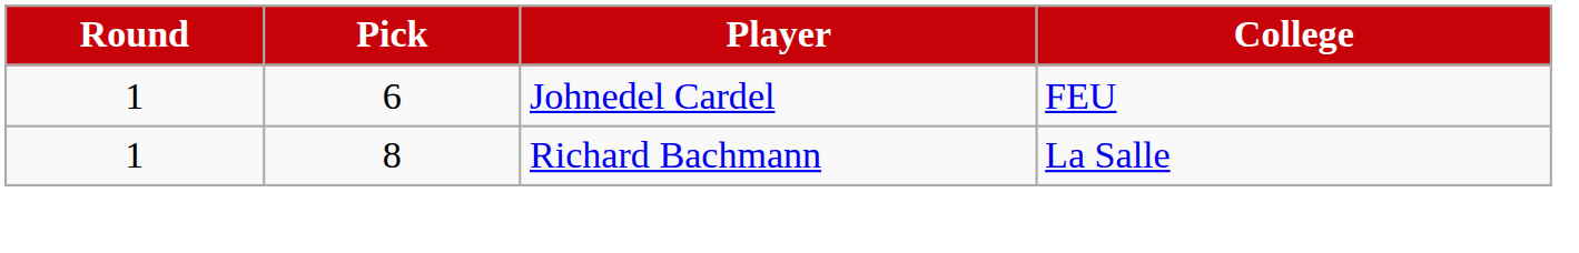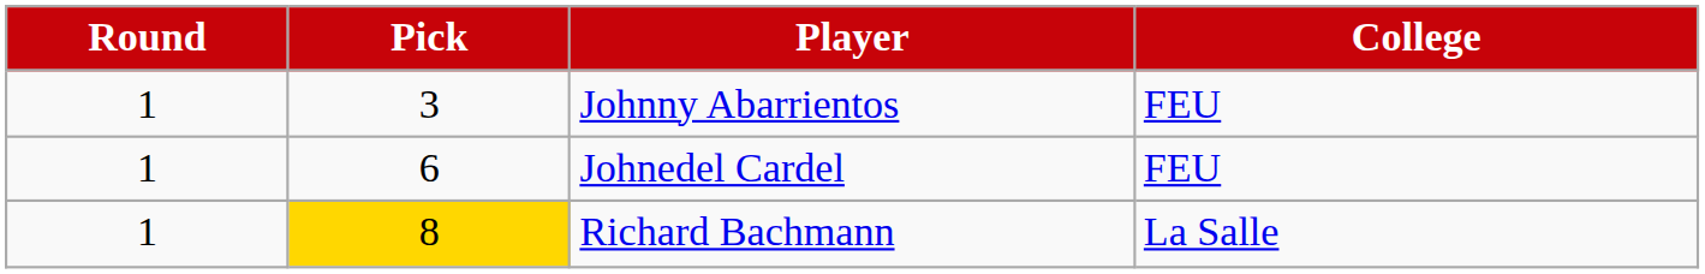 <table class="wikitable sortable sortable">
 <tr>
 <th width="10%" style="background:#C70309; color:#FFFFFF; ">Round</th>
 <th width="10%" style="background:#C70309; color:#FFFFFF; ">Pick</th>
 <th width="20%" style="background:#C70309; color:#FFFFFF; ">Player</th>
 <th width="20%" style="background:#C70309; color:#FFFFFF; ">College</th>
 </tr>
 <tr>
 <td align="center">1</td>
+<td align="center">3</td>
+<td><a href='#'>Johnny Abarrientos</a></td>
+<td><a href='#'>FEU</a></td>
+</tr>
+<tr>
+<td align="center">1</td>
 <td align="center">6</td>
 <td><a href='#'>Johnedel Cardel</a></td>
 <td><a href='#'>FEU</a></td>
 </tr>
 <tr>
 <td align="center">1</td>
-<td align="center">8</td>
+<td align="center" style="background: gold;">8</td>
 <td><a href='#'>Richard Bachmann</a></td>
 <td><a href='#'>La Salle</a></td>
 </tr>
 </table>
